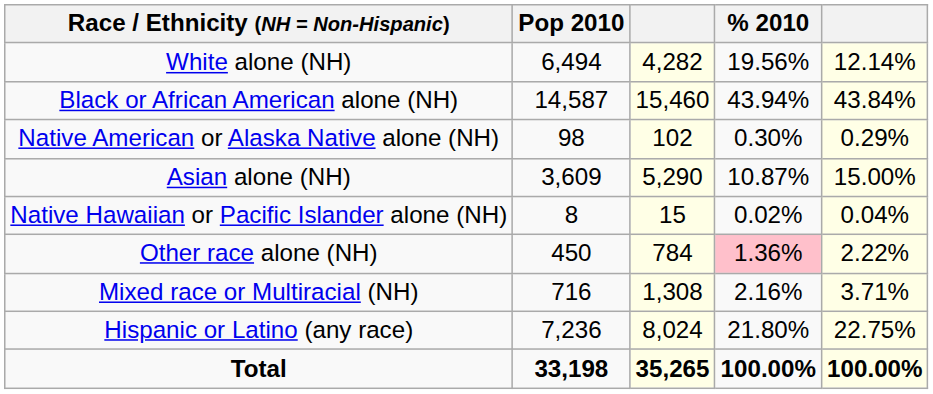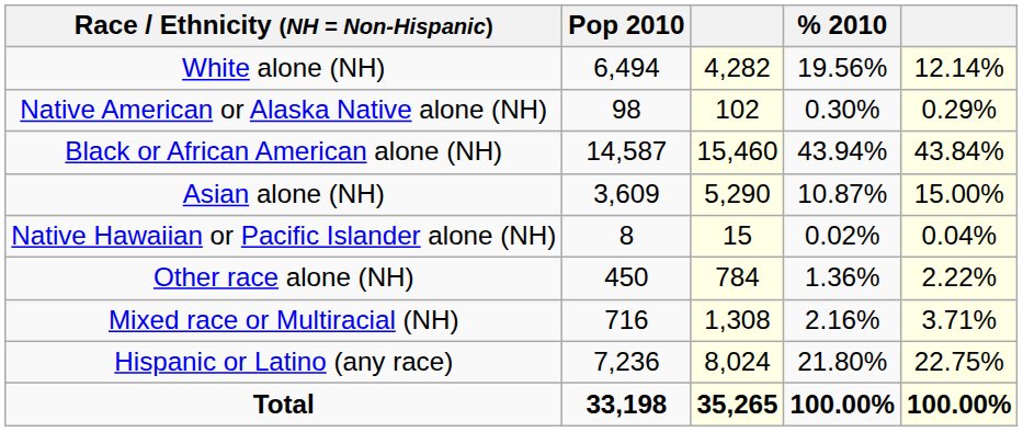 <table class="wikitable" style="text-align:center;">
 <tr>
 <th>Race / Ethnicity <small>(<em>NH = Non-Hispanic</em>)</small></th>
 <th>Pop 2010</th>
 <th></th>
 <th>% 2010</th>
 <th></th>
 </tr>
 <tr>
 <td><a href='#'>White</a> alone (NH)</td>
 <td>6,494</td>
 <td style='background: #ffffe6;'>4,282</td>
 <td>19.56%</td>
 <td style='background: #ffffe6;'>12.14%</td>
 </tr>
 <tr>
+<td><a href='#'>Native American</a> or <a href='#'>Alaska Native</a> alone (NH)</td>
+<td>98</td>
+<td style='background: #ffffe6;'>102</td>
+<td>0.30%</td>
+<td style='background: #ffffe6;'>0.29%</td>
+</tr>
+<tr>
 <td><a href='#'>Black or African American</a> alone (NH)</td>
 <td>14,587</td>
 <td style='background: #ffffe6;'>15,460</td>
 <td>43.94%</td>
 <td style='background: #ffffe6;'>43.84%</td>
-</tr>
-<tr>
-<td><a href='#'>Native American</a> or <a href='#'>Alaska Native</a> alone (NH)</td>
-<td>98</td>
-<td style='background: #ffffe6;'>102</td>
-<td>0.30%</td>
-<td style='background: #ffffe6;'>0.29%</td>
 </tr>
 <tr>
 <td><a href='#'>Asian</a> alone (NH)</td>
 <td>3,609</td>
 <td style='background: #ffffe6;'>5,290</td>
 <td>10.87%</td>
 <td style='background: #ffffe6;'>15.00%</td>
 </tr>
 <tr>
 <td><a href='#'>Native Hawaiian</a> or <a href='#'>Pacific Islander</a> alone (NH)</td>
 <td>8</td>
 <td style='background: #ffffe6;'>15</td>
 <td>0.02%</td>
 <td style='background: #ffffe6;'>0.04%</td>
 </tr>
 <tr>
 <td><a href='#'>Other race</a> alone (NH)</td>
 <td>450</td>
 <td style='background: #ffffe6;'>784</td>
-<td style="background: pink;">1.36%</td>
+<td>1.36%</td>
 <td style='background: #ffffe6;'>2.22%</td>
 </tr>
 <tr>
 <td><a href='#'>Mixed race or Multiracial</a> (NH)</td>
 <td>716</td>
 <td style='background: #ffffe6;'>1,308</td>
 <td>2.16%</td>
 <td style='background: #ffffe6;'>3.71%</td>
 </tr>
 <tr>
 <td><a href='#'>Hispanic or Latino</a> (any race)</td>
 <td>7,236</td>
 <td style='background: #ffffe6;'>8,024</td>
 <td>21.80%</td>
 <td style='background: #ffffe6;'>22.75%</td>
 </tr>
 <tr>
 <td><strong>Total</strong></td>
 <td><strong>33,198</strong></td>
 <td style='background: #ffffe6;'><strong>35,265</strong></td>
 <td><strong>100.00%</strong></td>
 <td style='background: #ffffe6;'><strong>100.00%</strong></td>
 </tr>
 </table>
